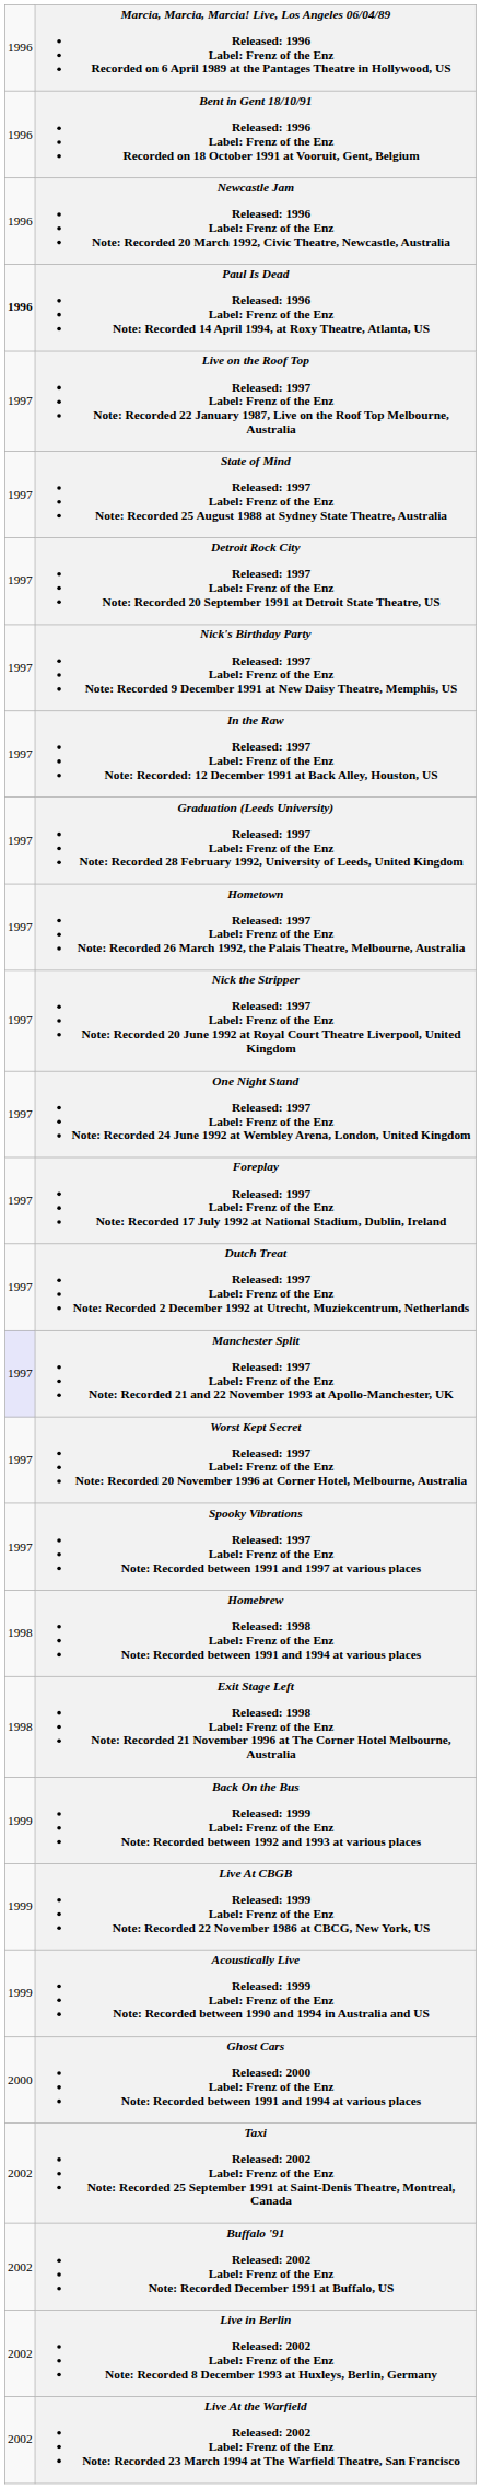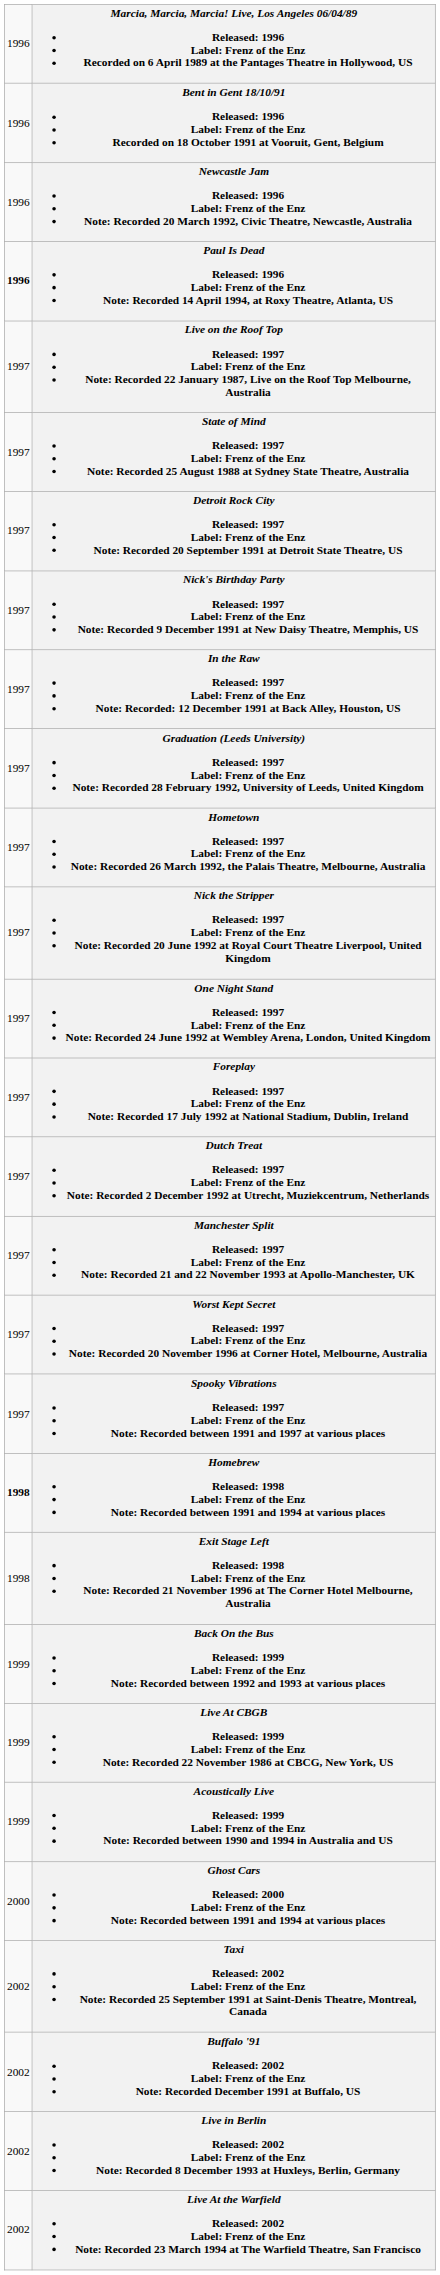 <table class="wikitable plainrowheaders" style="text-align:left;">
 <tr>
 <td>1996</td>
 <th scope="row"><em>Marcia, Marcia, Marcia! Live, Los Angeles 06/04/89</em><br><ul><li>Released: 1996</li><li>Label: Frenz of the Enz</li><li>Recorded on 6 April 1989 at the Pantages Theatre in Hollywood, US</li></ul></th>
 </tr>
 <tr>
 <td>1996</td>
 <th scope="row"><em>Bent in Gent 18/10/91</em><br><ul><li>Released: 1996</li><li>Label: Frenz of the Enz</li><li>Recorded on 18 October 1991 at Vooruit, Gent, Belgium</li></ul></th>
 </tr>
 <tr>
 <td>1996</td>
 <th scope="row"><em>Newcastle Jam</em><br><ul><li>Released: 1996</li><li>Label: Frenz of the Enz</li><li>Note: Recorded 20 March 1992, Civic Theatre, Newcastle, Australia</li></ul></th>
 </tr>
 <tr>
 <td><strong>1996</strong></td>
 <th scope="row"><em>Paul Is Dead</em><br><ul><li>Released: 1996</li><li>Label: Frenz of the Enz</li><li>Note: Recorded 14 April 1994, at Roxy Theatre, Atlanta, US</li></ul></th>
 </tr>
 <tr>
 <td>1997</td>
 <th scope="row"><em>Live on the Roof Top</em><br><ul><li>Released: 1997</li><li>Label: Frenz of the Enz</li><li>Note: Recorded 22 January 1987, Live on the Roof Top Melbourne, Australia</li></ul></th>
 </tr>
 <tr>
 <td>1997</td>
 <th scope="row"><em>State of Mind</em><br><ul><li>Released: 1997</li><li>Label: Frenz of the Enz</li><li>Note: Recorded 25 August 1988 at Sydney State Theatre, Australia</li></ul></th>
 </tr>
 <tr>
 <td>1997</td>
 <th scope="row"><em>Detroit Rock City </em><br><ul><li>Released: 1997</li><li>Label: Frenz of the Enz</li><li>Note: Recorded 20 September 1991 at Detroit State Theatre, US</li></ul></th>
 </tr>
 <tr>
 <td>1997</td>
 <th scope="row"><em>Nick's Birthday Party</em><br><ul><li>Released: 1997</li><li>Label: Frenz of the Enz</li><li>Note: Recorded 9 December 1991 at New Daisy Theatre, Memphis, US</li></ul></th>
 </tr>
 <tr>
 <td>1997</td>
 <th scope="row"><em>In the Raw</em><br><ul><li>Released: 1997</li><li>Label: Frenz of the Enz</li><li>Note: Recorded: 12 December 1991 at Back Alley, Houston, US</li></ul></th>
 </tr>
 <tr>
 <td>1997</td>
 <th scope="row"><em>Graduation (Leeds University)</em><br><ul><li>Released: 1997</li><li>Label: Frenz of the Enz</li><li>Note: Recorded 28 February 1992, University of Leeds, United Kingdom</li></ul></th>
 </tr>
 <tr>
 <td>1997</td>
 <th scope="row"><em>Hometown</em><br><ul><li>Released: 1997</li><li>Label: Frenz of the Enz</li><li>Note: Recorded 26 March 1992, the Palais Theatre, Melbourne, Australia</li></ul></th>
 </tr>
 <tr>
 <td>1997</td>
 <th scope="row"><em>Nick the Stripper</em><br><ul><li>Released: 1997</li><li>Label: Frenz of the Enz</li><li>Note: Recorded 20 June 1992 at Royal Court Theatre Liverpool, United Kingdom</li></ul></th>
 </tr>
 <tr>
 <td>1997</td>
 <th scope="row"><em>One Night Stand</em><br><ul><li>Released: 1997</li><li>Label: Frenz of the Enz</li><li>Note: Recorded 24 June 1992 at Wembley Arena, London, United Kingdom</li></ul></th>
 </tr>
 <tr>
 <td>1997</td>
 <th scope="row"><em>Foreplay</em><br><ul><li>Released: 1997</li><li>Label: Frenz of the Enz</li><li>Note: Recorded 17 July 1992 at National Stadium, Dublin, Ireland</li></ul></th>
 </tr>
 <tr>
 <td>1997</td>
 <th scope="row"><em>Dutch Treat</em><br><ul><li>Released: 1997</li><li>Label: Frenz of the Enz</li><li>Note: Recorded 2 December 1992 at Utrecht, Muziekcentrum, Netherlands</li></ul></th>
 </tr>
 <tr>
-<td style="background: lavender;">1997</td>
+<td>1997</td>
 <th scope="row"><em>Manchester Split</em><br><ul><li>Released: 1997</li><li>Label: Frenz of the Enz</li><li>Note: Recorded 21 and 22 November 1993 at Apollo-Manchester, UK</li></ul></th>
 </tr>
 <tr>
 <td>1997</td>
 <th scope="row"><em>Worst Kept Secret</em><br><ul><li>Released: 1997</li><li>Label: Frenz of the Enz</li><li>Note: Recorded 20 November 1996  at Corner Hotel, Melbourne, Australia</li></ul></th>
 </tr>
 <tr>
 <td>1997</td>
 <th scope="row"><em>Spooky Vibrations</em><br><ul><li>Released: 1997</li><li>Label: Frenz of the Enz</li><li>Note: Recorded between 1991 and 1997 at various places</li></ul></th>
 </tr>
 <tr>
-<td>1998</td>
+<td><strong>1998</strong></td>
 <th scope="row"><em>Homebrew</em><br><ul><li>Released: 1998</li><li>Label: Frenz of the Enz</li><li>Note: Recorded between 1991 and 1994 at various places</li></ul></th>
 </tr>
 <tr>
 <td>1998</td>
 <th scope="row"><em>Exit Stage Left</em><br><ul><li>Released: 1998</li><li>Label: Frenz of the Enz</li><li>Note: Recorded 21 November 1996 at The Corner Hotel Melbourne, Australia</li></ul></th>
 </tr>
 <tr>
 <td>1999</td>
 <th scope="row"><em>Back On the Bus</em><br><ul><li>Released: 1999</li><li>Label: Frenz of the Enz</li><li>Note: Recorded between 1992 and 1993 at various places</li></ul></th>
 </tr>
 <tr>
 <td>1999</td>
 <th scope="row"><em>Live At CBGB</em><br><ul><li>Released: 1999</li><li>Label: Frenz of the Enz</li><li>Note: Recorded 22 November 1986 at CBCG, New York, US</li></ul></th>
 </tr>
 <tr>
 <td>1999</td>
 <th scope="row"><em>Acoustically Live</em><br><ul><li>Released: 1999</li><li>Label: Frenz of the Enz</li><li>Note: Recorded between 1990 and 1994 in Australia and US</li></ul></th>
 </tr>
 <tr>
 <td>2000</td>
 <th scope="row"><em>Ghost Cars</em><br><ul><li>Released: 2000</li><li>Label: Frenz of the Enz</li><li>Note: Recorded between 1991 and 1994 at various places</li></ul></th>
 </tr>
 <tr>
 <td>2002</td>
 <th scope="row"><em>Taxi</em><br><ul><li>Released: 2002</li><li>Label: Frenz of the Enz</li><li>Note: Recorded 25 September 1991 at Saint-Denis Theatre, Montreal, Canada</li></ul></th>
 </tr>
 <tr>
 <td>2002</td>
 <th scope="row"><em>Buffalo '91</em><br><ul><li>Released: 2002</li><li>Label: Frenz of the Enz</li><li>Note: Recorded December 1991 at Buffalo, US</li></ul></th>
 </tr>
 <tr>
 <td>2002</td>
 <th scope="row"><em>Live in Berlin</em><br><ul><li>Released: 2002</li><li>Label: Frenz of the Enz</li><li>Note: Recorded 8 December 1993 at Huxleys, Berlin, Germany</li></ul></th>
 </tr>
 <tr>
 <td>2002</td>
 <th scope="row"><em>Live At the Warfield</em><br><ul><li>Released: 2002</li><li>Label: Frenz of the Enz</li><li>Note: Recorded 23 March 1994 at The Warfield Theatre, San Francisco</li></ul></th>
 </tr>
 </table>
